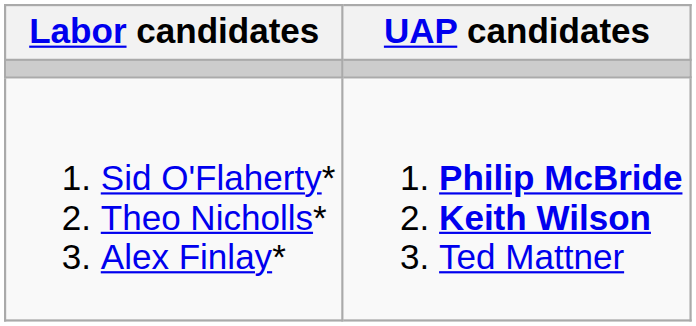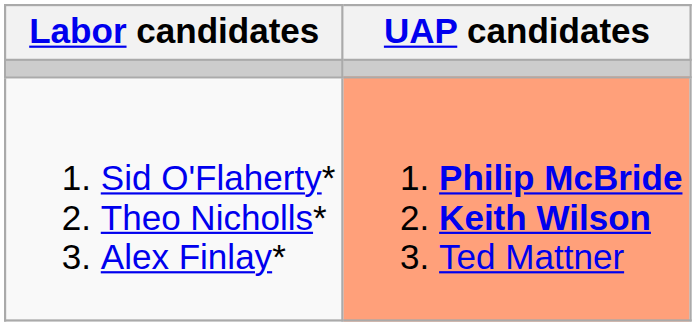 <table class="wikitable">
 <tr>
 <th><a href='#'>Labor</a> candidates</th>
 <th><a href='#'>UAP</a> candidates</th>
 </tr>
 <tr bgcolor="#cccccc">
 <td></td>
 <td></td>
 </tr>
 <tr>
 <td><br><ol><li><a href='#'>Sid O'Flaherty</a>*</li><li><a href='#'>Theo Nicholls</a>*</li><li><a href='#'>Alex Finlay</a>*</li></ol></td>
-<td valign=top><br><ol><li><strong><a href='#'>Philip McBride</a></strong></li><li><strong><a href='#'>Keith Wilson</a></strong></li><li><a href='#'>Ted Mattner</a></li></ol></td>
+<td valign=top style="background: lightsalmon;"><br><ol><li><strong><a href='#'>Philip McBride</a></strong></li><li><strong><a href='#'>Keith Wilson</a></strong></li><li><a href='#'>Ted Mattner</a></li></ol></td>
 </tr>
 </table>
